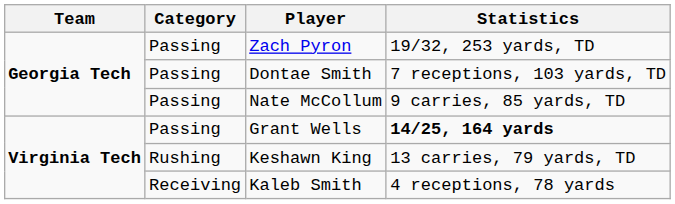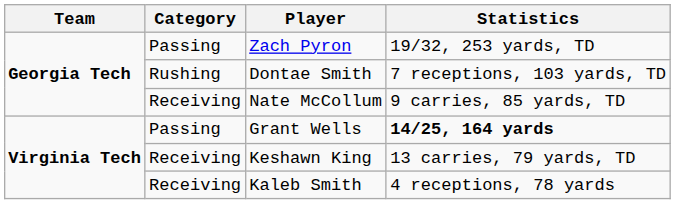 <table class="wikitable" style="float: right;">
 <tr>
 <th>Team</th>
 <th>Category</th>
 <th>Player</th>
 <th>Statistics</th>
 </tr>
 <tr>
 <td rowspan=3><strong>Georgia Tech</strong></td>
 <td>Passing</td>
 <td><a href='#'>Zach Pyron</a></td>
 <td>19/32, 253 yards, TD</td>
 </tr>
 <tr>
-<td>Passing</td>
+<td>Rushing</td>
 <td>Dontae Smith</td>
 <td>7 receptions, 103 yards, TD</td>
 </tr>
 <tr>
-<td>Passing</td>
+<td>Receiving</td>
 <td>Nate McCollum</td>
 <td>9 carries, 85 yards, TD</td>
 </tr>
 <tr>
 <td rowspan=3><strong>Virginia Tech</strong></td>
 <td>Passing</td>
 <td>Grant Wells</td>
 <td><strong>14/25, 164 yards</strong></td>
 </tr>
 <tr>
-<td>Rushing</td>
+<td>Receiving</td>
 <td>Keshawn King</td>
 <td>13 carries, 79 yards, TD</td>
 </tr>
 <tr>
 <td>Receiving</td>
 <td>Kaleb Smith</td>
 <td>4 receptions, 78 yards</td>
 </tr>
 </table>
